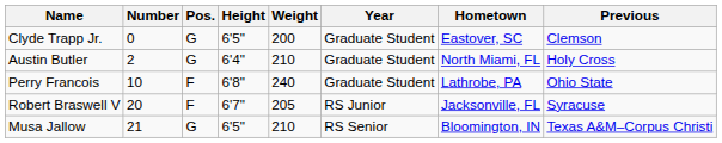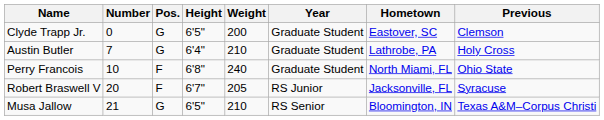 <table class="wikitable sortable" border="1">
 <tr>
 <th>Name</th>
 <th>Number</th>
 <th>Pos.</th>
 <th>Height</th>
 <th>Weight</th>
 <th>Year</th>
 <th>Hometown</th>
 <th>Previous</th>
 </tr>
 <tr>
 <td>Clyde Trapp Jr.</td>
 <td>0</td>
 <td>G</td>
 <td>6'5"</td>
 <td>200</td>
 <td>Graduate Student</td>
 <td><a href='#'>Eastover, SC</a></td>
 <td><a href='#'>Clemson</a></td>
 </tr>
 <tr>
 <td>Austin Butler</td>
-<td>2</td>
+<td>7</td>
 <td>G</td>
 <td>6'4"</td>
 <td>210</td>
 <td>Graduate Student</td>
-<td><a href='#'>North Miami, FL</a></td>
+<td><a href='#'>Lathrobe, PA</a></td>
 <td><a href='#'>Holy Cross</a></td>
 </tr>
 <tr>
 <td>Perry Francois</td>
 <td>10</td>
 <td>F</td>
 <td>6'8"</td>
 <td>240</td>
 <td>Graduate Student</td>
-<td><a href='#'>Lathrobe, PA</a></td>
+<td><a href='#'>North Miami, FL</a></td>
 <td><a href='#'>Ohio State</a></td>
 </tr>
 <tr>
 <td>Robert Braswell V</td>
 <td>20</td>
 <td>F</td>
 <td>6'7"</td>
 <td>205</td>
 <td>RS Junior</td>
 <td><a href='#'>Jacksonville, FL</a></td>
 <td><a href='#'>Syracuse</a></td>
 </tr>
 <tr>
 <td>Musa Jallow</td>
 <td>21</td>
 <td>G</td>
 <td>6'5"</td>
 <td>210</td>
 <td>RS Senior</td>
 <td><a href='#'>Bloomington, IN</a></td>
 <td><a href='#'>Texas A&M–Corpus Christi</a></td>
 </tr>
 </table>
